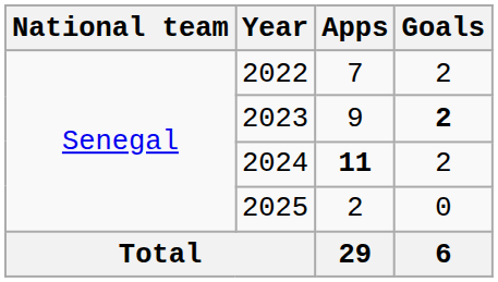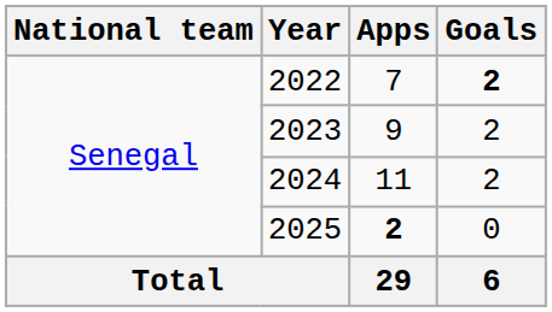 <table class="wikitable" style="text-align:center">
 <tr>
 <th>National team</th>
 <th>Year</th>
 <th>Apps</th>
 <th>Goals</th>
 </tr>
 <tr>
 <td rowspan="4"><a href='#'>Senegal</a></td>
 <td>2022</td>
 <td>7</td>
-<td>2</td>
+<td><strong>2</strong></td>
 </tr>
 <tr>
 <td>2023</td>
 <td>9</td>
-<td><strong>2</strong></td>
+<td>2</td>
 </tr>
 <tr>
 <td>2024</td>
-<td><strong>11</strong></td>
+<td>11</td>
 <td>2</td>
 </tr>
 <tr>
 <td>2025</td>
-<td>2</td>
+<td><strong>2</strong></td>
 <td>0</td>
 </tr>
 <tr>
 <th colspan="2">Total</th>
 <th>29</th>
 <th>6</th>
 </tr>
 </table>
